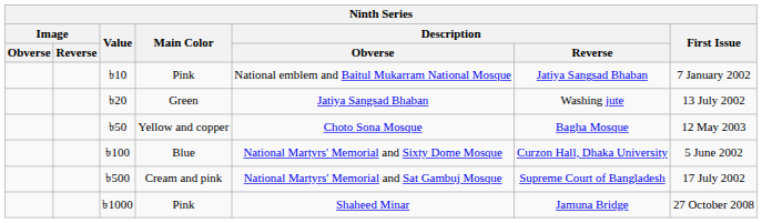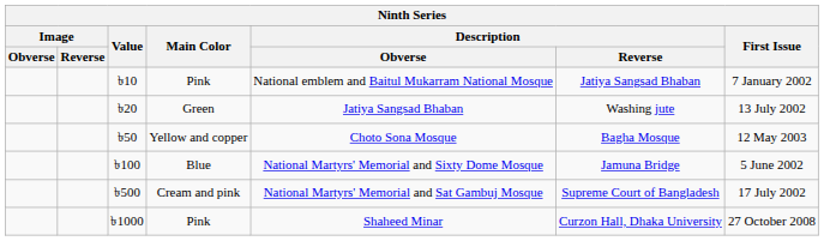 <table class="wikitable" style="text-align:center">
 <tr>
 <th colspan="8">Ninth Series</th>
 </tr>
 <tr>
 <th colspan="2">Image</th>
 <th rowspan="2">Value</th>
 <th rowspan="2">Main Color</th>
 <th colspan="2">Description</th>
 <th rowspan="2">First Issue</th>
 </tr>
 <tr>
 <th>Obverse</th>
 <th>Reverse</th>
 <th>Obverse</th>
 <th>Reverse</th>
 </tr>
 <tr>
 <td></td>
 <td></td>
 <td>৳10</td>
 <td>Pink</td>
 <td>National emblem and <a href='#'>Baitul Mukarram National Mosque</a></td>
 <td><a href='#'>Jatiya Sangsad Bhaban</a></td>
 <td>7 January 2002</td>
 </tr>
 <tr>
 <td></td>
 <td></td>
 <td>৳20</td>
 <td>Green</td>
 <td><a href='#'>Jatiya Sangsad Bhaban</a></td>
 <td>Washing <a href='#'>jute</a></td>
 <td>13 July 2002</td>
 </tr>
 <tr>
 <td></td>
 <td></td>
 <td>৳50</td>
 <td>Yellow and copper</td>
 <td><a href='#'>Choto Sona Mosque</a></td>
 <td><a href='#'>Bagha Mosque</a></td>
 <td>12 May 2003</td>
 </tr>
 <tr>
 <td></td>
 <td></td>
 <td>৳100</td>
 <td>Blue</td>
 <td><a href='#'>National Martyrs' Memorial</a> and <a href='#'>Sixty Dome Mosque</a></td>
-<td><a href='#'>Curzon Hall, Dhaka University</a></td>
+<td><a href='#'>Jamuna Bridge</a></td>
 <td>5 June 2002</td>
 </tr>
 <tr>
 <td></td>
 <td></td>
 <td>৳500</td>
 <td>Cream and pink</td>
 <td><a href='#'>National Martyrs' Memorial</a> and <a href='#'>Sat Gambuj Mosque</a></td>
 <td><a href='#'>Supreme Court of Bangladesh</a></td>
 <td>17 July 2002</td>
 </tr>
 <tr>
 <td></td>
 <td></td>
 <td>৳1000</td>
 <td>Pink</td>
 <td><a href='#'>Shaheed Minar</a></td>
-<td><a href='#'>Jamuna Bridge</a></td>
+<td><a href='#'>Curzon Hall, Dhaka University</a></td>
 <td>27 October 2008</td>
 </tr>
 </table>
